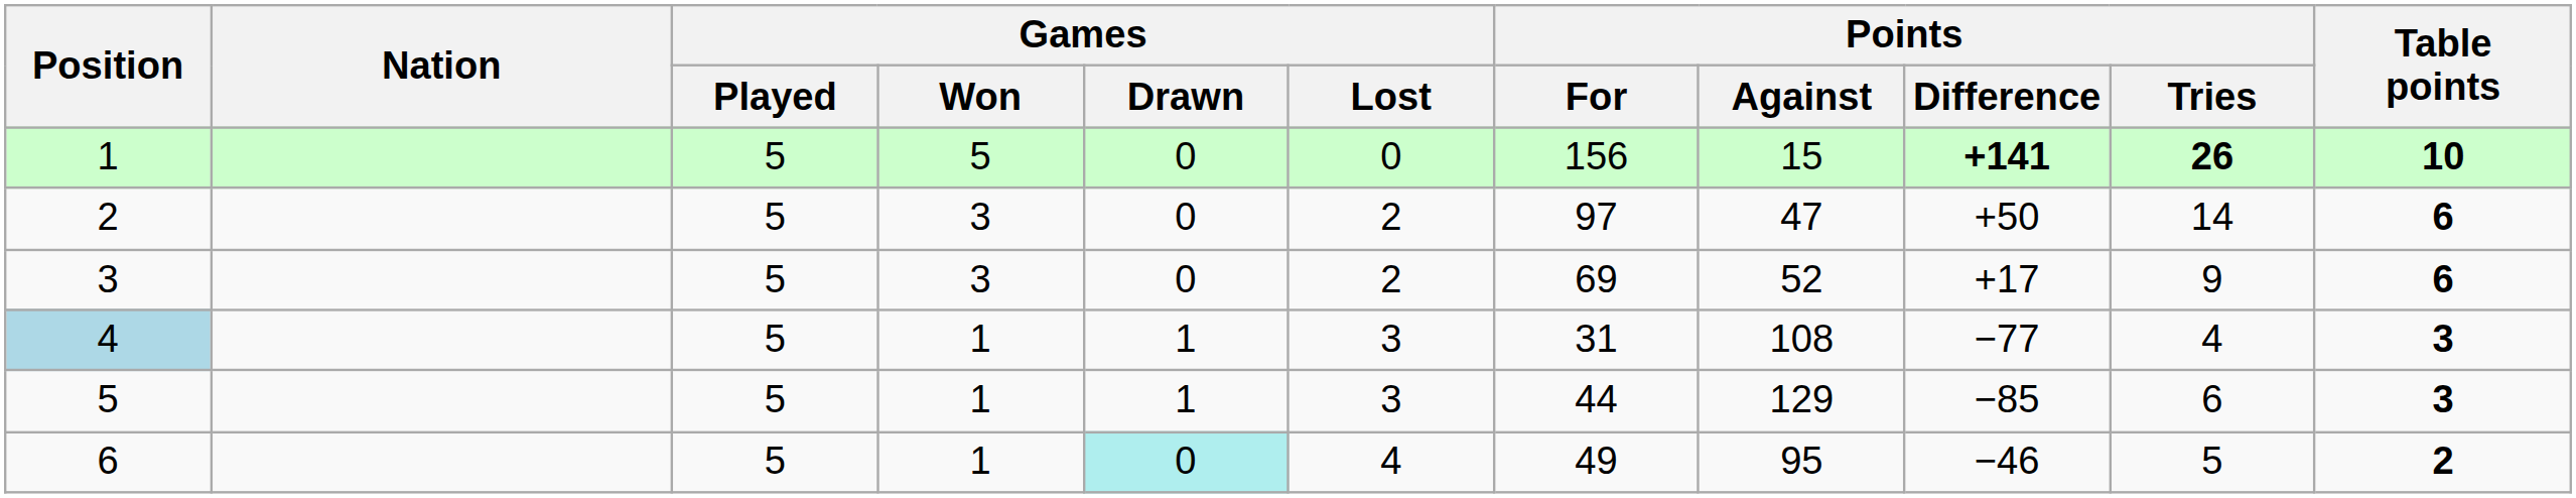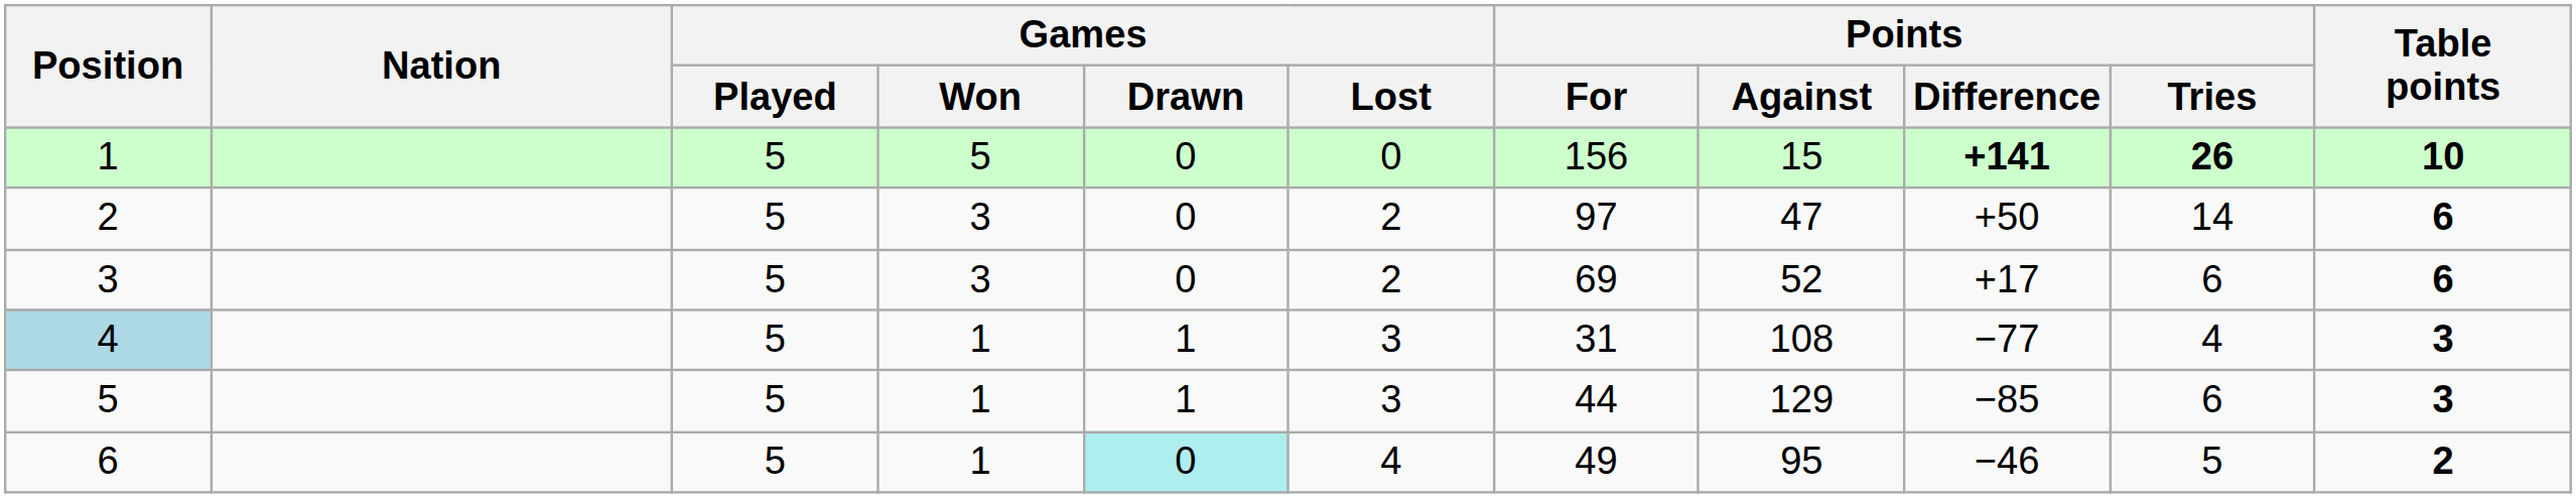 <table class="wikitable" style="text-align: center;">
 <tr>
 <th rowspan=2 width="8%">Position</th>
 <th rowspan=2 width="18%">Nation</th>
 <th colspan=4 width="32%">Games</th>
 <th colspan=4 width="32%">Points</th>
 <th rowspan=2 width="10%">Table<br>points</th>
 </tr>
 <tr>
 <th width="8%">Played</th>
 <th width="8%">Won</th>
 <th width="8%">Drawn</th>
 <th width="8%">Lost</th>
 <th width="8%">For</th>
 <th width="8%">Against</th>
 <th width="8%">Difference</th>
 <th width="8%">Tries</th>
 </tr>
 <tr bgcolor=#ccffcc align=center>
 <td>1</td>
 <td align=left></td>
 <td>5</td>
 <td>5</td>
 <td>0</td>
 <td>0</td>
 <td>156</td>
 <td>15</td>
 <td><strong>+141</strong></td>
 <td><strong>26</strong></td>
 <td><strong>10</strong></td>
 </tr>
 <tr>
 <td>2</td>
 <td align=left></td>
 <td>5</td>
 <td>3</td>
 <td>0</td>
 <td>2</td>
 <td>97</td>
 <td>47</td>
 <td>+50</td>
 <td>14</td>
 <td><strong>6</strong></td>
 </tr>
 <tr>
 <td>3</td>
 <td align=left></td>
 <td>5</td>
 <td>3</td>
 <td>0</td>
 <td>2</td>
 <td>69</td>
 <td>52</td>
 <td>+17</td>
-<td>9</td>
+<td>6</td>
 <td><strong>6</strong></td>
 </tr>
 <tr>
 <td style="background: lightblue;">4</td>
 <td align=left></td>
 <td>5</td>
 <td>1</td>
 <td>1</td>
 <td>3</td>
 <td>31</td>
 <td>108</td>
 <td>−77</td>
 <td>4</td>
 <td><strong>3</strong></td>
 </tr>
 <tr>
 <td>5</td>
 <td align=left></td>
 <td>5</td>
 <td>1</td>
 <td>1</td>
 <td>3</td>
 <td>44</td>
 <td>129</td>
 <td>−85</td>
 <td>6</td>
 <td><strong>3</strong></td>
 </tr>
 <tr>
 <td>6</td>
 <td align=left></td>
 <td>5</td>
 <td>1</td>
 <td style="background: paleturquoise;">0</td>
 <td>4</td>
 <td>49</td>
 <td>95</td>
 <td>−46</td>
 <td>5</td>
 <td><strong>2</strong></td>
 </tr>
 </table>
